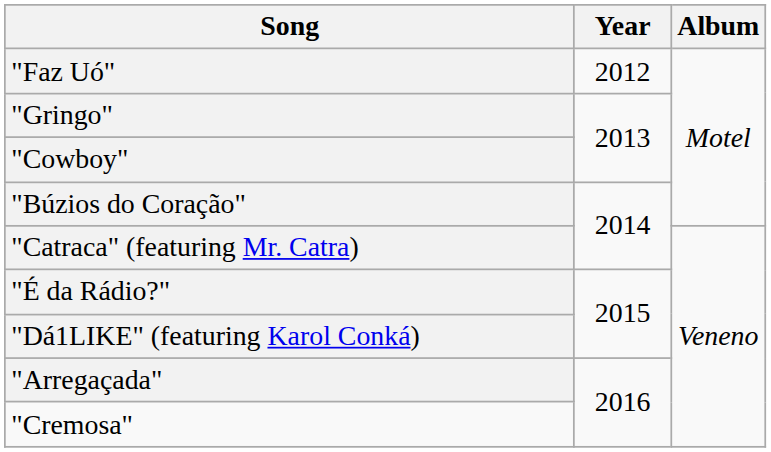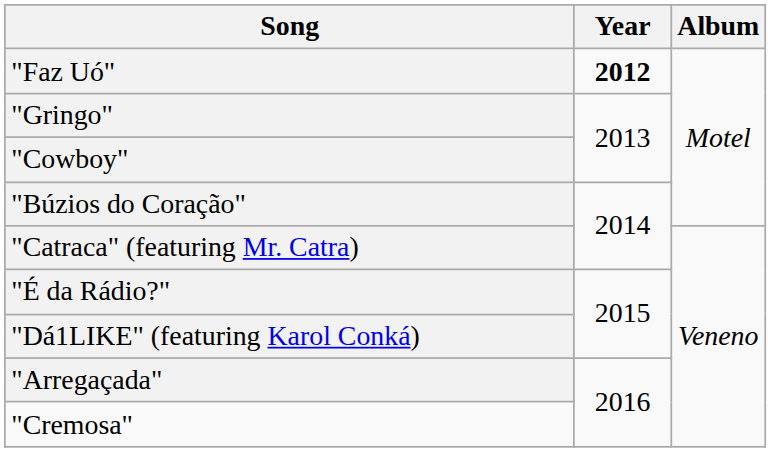 <table class="wikitable plainrowheaders">
 <tr>
 <th rowspan="1" style="width:20em;">Song</th>
 <th rowspan="1" style="width:3em;">Year</th>
 <th rowspan="1">Album</th>
 </tr>
 <tr>
 <td scope="row" style="background-color: #f2f2f2;">"Faz Uó"</td>
-<td style="text-align:center;">2012</td>
+<td style="text-align:center;"><strong>2012</strong></td>
 <td rowspan="4" style="text-align:center; font-style:italic;">Motel</td>
 </tr>
 <tr>
 <td scope="row" style="background-color: #f2f2f2;">"Gringo"</td>
 <td rowspan="2" style="text-align:center;">2013</td>
 </tr>
 <tr>
 <td scope="row" style="background-color: #f2f2f2;">"Cowboy"</td>
 </tr>
 <tr>
 <td scope="row" style="background-color: #f2f2f2;">"Búzios do Coração"</td>
 <td rowspan="2" style="text-align:center;">2014</td>
 </tr>
 <tr>
 <td scope="row" style="background-color: #f2f2f2;">"Catraca" <span>(featuring <a href='#'>Mr. Catra</a>)</span></td>
 <td rowspan="5" style="text-align:center; font-style:italic;">Veneno</td>
 </tr>
 <tr>
 <td scope="row" style="background-color: #f2f2f2;">"É da Rádio?"</td>
 <td rowspan="2" style="text-align:center;">2015</td>
 </tr>
 <tr>
 <td scope="row" style="background-color: #f2f2f2;">"Dá1LIKE" <span>(featuring <a href='#'>Karol Conká</a>)</span></td>
 </tr>
 <tr>
 <td scope="row" style="background-color: #f2f2f2;">"Arregaçada"</td>
 <td rowspan="2" style="text-align:center;">2016</td>
 </tr>
 <tr>
 <td>"Cremosa"</td>
 </tr>
 </table>
